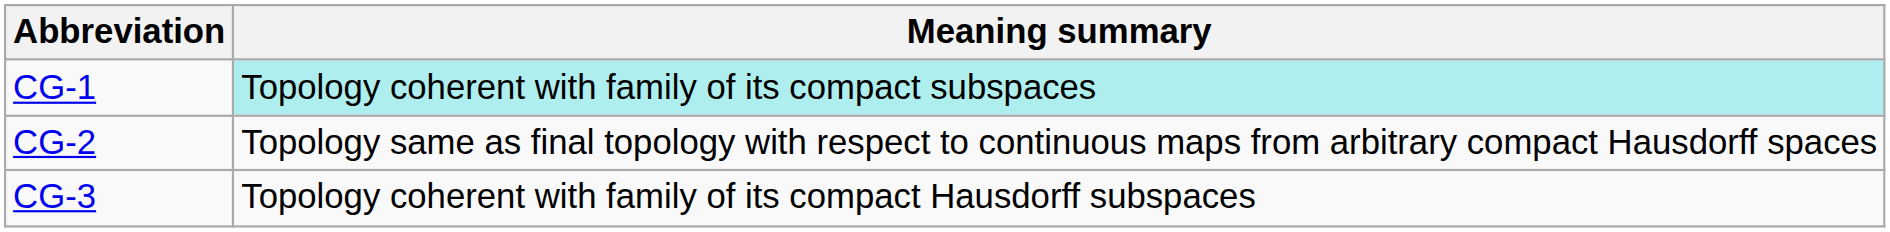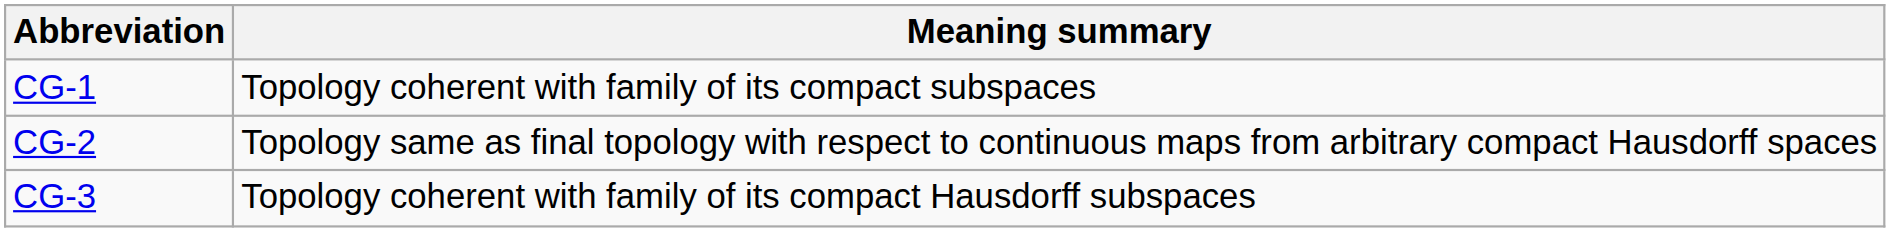 <table class="wikitable">
 <tr>
 <th>Abbreviation</th>
 <th>Meaning summary</th>
 </tr>
 <tr>
 <td><a href='#'>CG-1</a></td>
-<td style="background: paleturquoise;">Topology coherent with family of its compact subspaces</td>
+<td>Topology coherent with family of its compact subspaces</td>
 </tr>
 <tr>
 <td><a href='#'>CG-2</a></td>
 <td>Topology same as final topology with respect to continuous maps from arbitrary compact Hausdorff spaces</td>
 </tr>
 <tr>
 <td><a href='#'>CG-3</a></td>
 <td>Topology coherent with family of its compact Hausdorff subspaces</td>
 </tr>
 </table>
